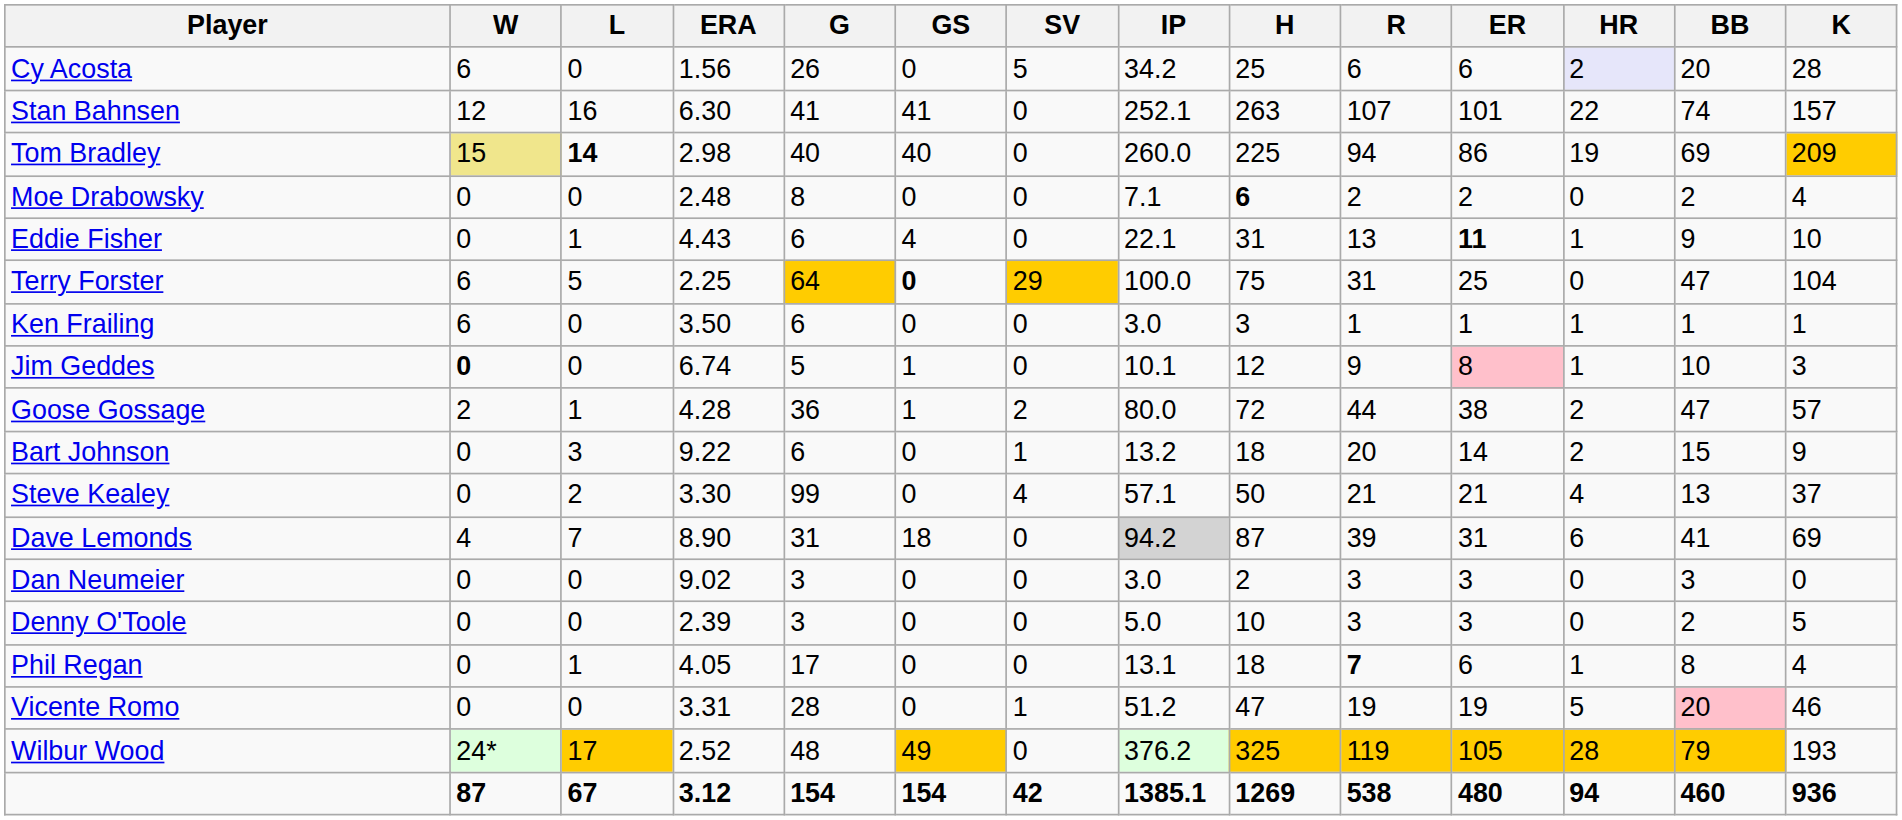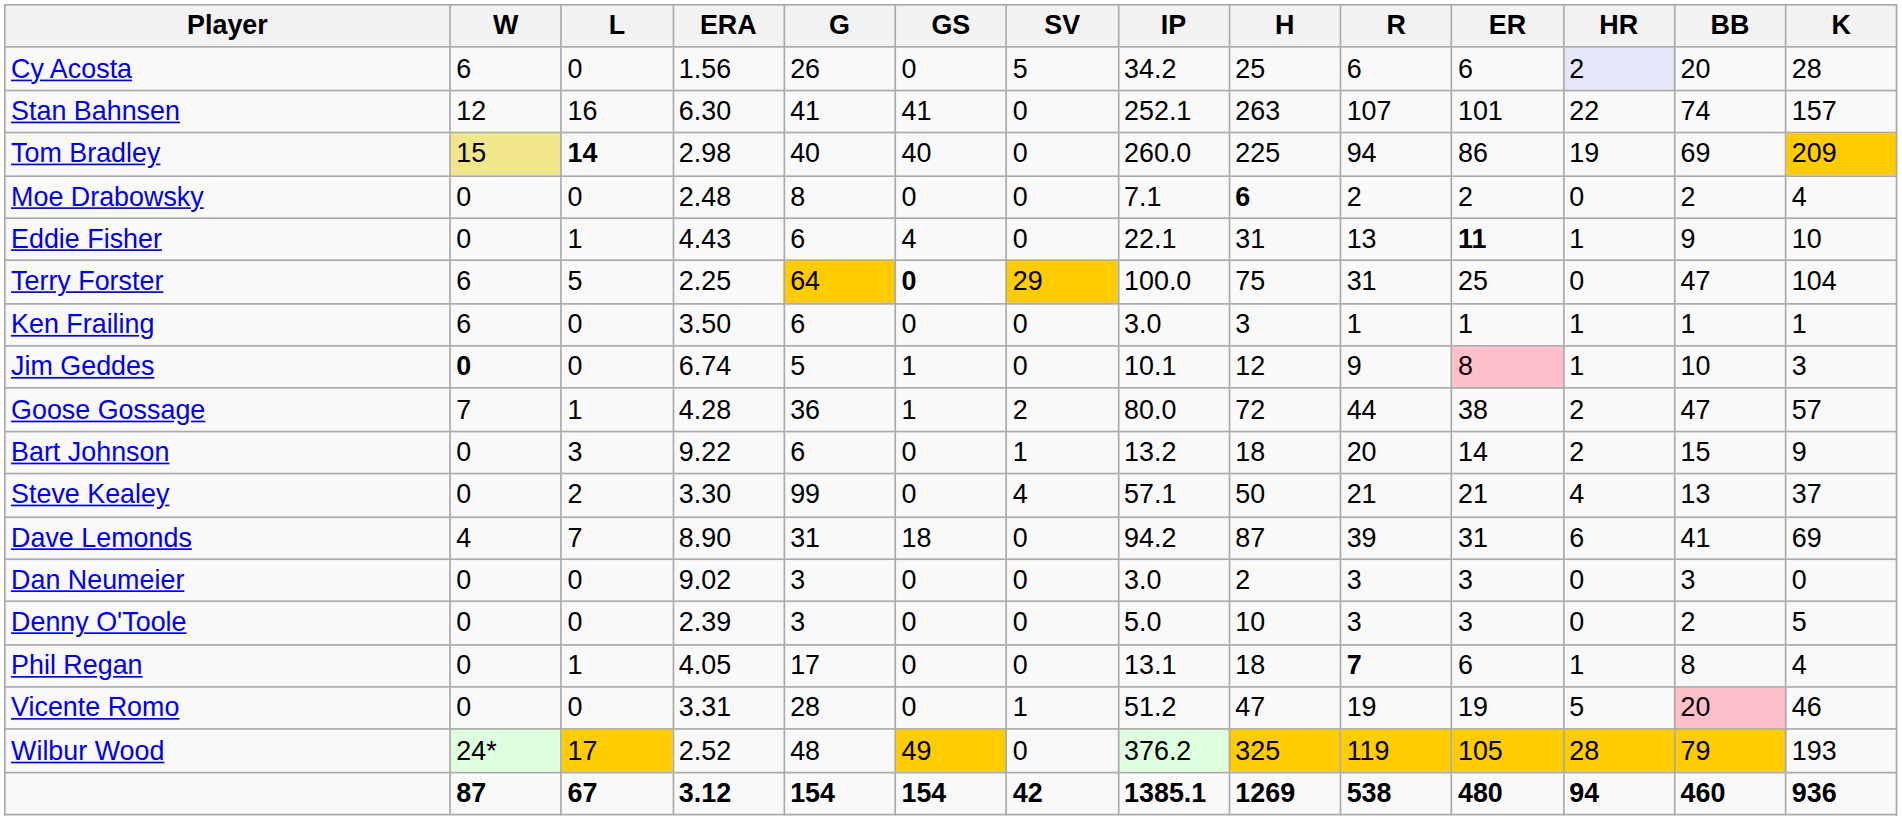 <table class="wikitable sortable">
 <tr>
 <th width="20%">Player</th>
 <th width="5%">W</th>
 <th width="5%">L</th>
 <th width="5%">ERA</th>
 <th width="5%">G</th>
 <th width="5%">GS</th>
 <th width="5%">SV</th>
 <th width="5%">IP</th>
 <th width="5%">H</th>
 <th width="5%">R</th>
 <th width="5%">ER</th>
 <th width="5%">HR</th>
 <th width="5%">BB</th>
 <th width="5%">K</th>
 </tr>
 <tr>
 <td><a href='#'>Cy Acosta</a></td>
 <td>6</td>
 <td>0</td>
 <td>1.56</td>
 <td>26</td>
 <td>0</td>
 <td>5</td>
 <td>34.2</td>
 <td>25</td>
 <td>6</td>
 <td>6</td>
 <td style="background: lavender;">2</td>
 <td>20</td>
 <td>28</td>
 </tr>
 <tr>
 <td><a href='#'>Stan Bahnsen</a></td>
 <td>12</td>
 <td>16</td>
 <td>6.30</td>
 <td>41</td>
 <td>41</td>
 <td>0</td>
 <td>252.1</td>
 <td>263</td>
 <td>107</td>
 <td>101</td>
 <td>22</td>
 <td>74</td>
 <td>157</td>
 </tr>
 <tr>
 <td><a href='#'>Tom Bradley</a></td>
 <td style="background: khaki;">15</td>
 <td><strong>14</strong></td>
 <td>2.98</td>
 <td>40</td>
 <td>40</td>
 <td>0</td>
 <td>260.0</td>
 <td>225</td>
 <td>94</td>
 <td>86</td>
 <td>19</td>
 <td>69</td>
 <td style="background:#fc0;">209</td>
 </tr>
 <tr>
 <td><a href='#'>Moe Drabowsky</a></td>
 <td>0</td>
 <td>0</td>
 <td>2.48</td>
 <td>8</td>
 <td>0</td>
 <td>0</td>
 <td>7.1</td>
 <td><strong>6</strong></td>
 <td>2</td>
 <td>2</td>
 <td>0</td>
 <td>2</td>
 <td>4</td>
 </tr>
 <tr>
 <td><a href='#'>Eddie Fisher</a></td>
 <td>0</td>
 <td>1</td>
 <td>4.43</td>
 <td>6</td>
 <td>4</td>
 <td>0</td>
 <td>22.1</td>
 <td>31</td>
 <td>13</td>
 <td><strong>11</strong></td>
 <td>1</td>
 <td>9</td>
 <td>10</td>
 </tr>
 <tr>
 <td><a href='#'>Terry Forster</a></td>
 <td>6</td>
 <td>5</td>
 <td>2.25</td>
 <td style="background:#fc0;">64</td>
 <td><strong>0</strong></td>
 <td style="background:#fc0;">29</td>
 <td>100.0</td>
 <td>75</td>
 <td>31</td>
 <td>25</td>
 <td>0</td>
 <td>47</td>
 <td>104</td>
 </tr>
 <tr>
 <td><a href='#'>Ken Frailing</a></td>
 <td>6</td>
 <td>0</td>
 <td>3.50</td>
 <td>6</td>
 <td>0</td>
 <td>0</td>
 <td>3.0</td>
 <td>3</td>
 <td>1</td>
 <td>1</td>
 <td>1</td>
 <td>1</td>
 <td>1</td>
 </tr>
 <tr>
 <td><a href='#'>Jim Geddes</a></td>
 <td><strong>0</strong></td>
 <td>0</td>
 <td>6.74</td>
 <td>5</td>
 <td>1</td>
 <td>0</td>
 <td>10.1</td>
 <td>12</td>
 <td>9</td>
 <td style="background: pink;">8</td>
 <td>1</td>
 <td>10</td>
 <td>3</td>
 </tr>
 <tr>
 <td><a href='#'>Goose Gossage</a></td>
-<td>2</td>
+<td>7</td>
 <td>1</td>
 <td>4.28</td>
 <td>36</td>
 <td>1</td>
 <td>2</td>
 <td>80.0</td>
 <td>72</td>
 <td>44</td>
 <td>38</td>
 <td>2</td>
 <td>47</td>
 <td>57</td>
 </tr>
 <tr>
 <td><a href='#'>Bart Johnson</a></td>
 <td>0</td>
 <td>3</td>
 <td>9.22</td>
 <td>6</td>
 <td>0</td>
 <td>1</td>
 <td>13.2</td>
 <td>18</td>
 <td>20</td>
 <td>14</td>
 <td>2</td>
 <td>15</td>
 <td>9</td>
 </tr>
 <tr>
 <td><a href='#'>Steve Kealey</a></td>
 <td>0</td>
 <td>2</td>
 <td>3.30</td>
 <td>99</td>
 <td>0</td>
 <td>4</td>
 <td>57.1</td>
 <td>50</td>
 <td>21</td>
 <td>21</td>
 <td>4</td>
 <td>13</td>
 <td>37</td>
 </tr>
 <tr>
 <td><a href='#'>Dave Lemonds</a></td>
 <td>4</td>
 <td>7</td>
 <td>8.90</td>
 <td>31</td>
 <td>18</td>
 <td>0</td>
-<td style="background: lightgrey;">94.2</td>
+<td>94.2</td>
 <td>87</td>
 <td>39</td>
 <td>31</td>
 <td>6</td>
 <td>41</td>
 <td>69</td>
 </tr>
 <tr>
 <td><a href='#'>Dan Neumeier</a></td>
 <td>0</td>
 <td>0</td>
 <td>9.02</td>
 <td>3</td>
 <td>0</td>
 <td>0</td>
 <td>3.0</td>
 <td>2</td>
 <td>3</td>
 <td>3</td>
 <td>0</td>
 <td>3</td>
 <td>0</td>
 </tr>
 <tr>
 <td><a href='#'>Denny O'Toole</a></td>
 <td>0</td>
 <td>0</td>
 <td>2.39</td>
 <td>3</td>
 <td>0</td>
 <td>0</td>
 <td>5.0</td>
 <td>10</td>
 <td>3</td>
 <td>3</td>
 <td>0</td>
 <td>2</td>
 <td>5</td>
 </tr>
 <tr>
 <td><a href='#'>Phil Regan</a></td>
 <td>0</td>
 <td>1</td>
 <td>4.05</td>
 <td>17</td>
 <td>0</td>
 <td>0</td>
 <td>13.1</td>
 <td>18</td>
 <td><strong>7</strong></td>
 <td>6</td>
 <td>1</td>
 <td>8</td>
 <td>4</td>
 </tr>
 <tr>
 <td><a href='#'>Vicente Romo</a></td>
 <td>0</td>
 <td>0</td>
 <td>3.31</td>
 <td>28</td>
 <td>0</td>
 <td>1</td>
 <td>51.2</td>
 <td>47</td>
 <td>19</td>
 <td>19</td>
 <td>5</td>
 <td style="background: pink;">20</td>
 <td>46</td>
 </tr>
 <tr>
 <td><a href='#'>Wilbur Wood</a></td>
 <td style="background:#DDFFDD;">24*</td>
 <td style="background:#fc0;">17</td>
 <td>2.52</td>
 <td>48</td>
 <td style="background:#fc0;">49</td>
 <td>0</td>
 <td style="background:#DDFFDD;">376.2</td>
 <td style="background:#fc0;">325</td>
 <td style="background:#fc0;">119</td>
 <td style="background:#fc0;">105</td>
 <td style="background:#fc0;">28</td>
 <td style="background:#fc0;">79</td>
 <td>193</td>
 </tr>
 <tr class="sortbottom">
 <td></td>
 <td><strong>87</strong></td>
 <td><strong>67</strong></td>
 <td><strong>3.12</strong></td>
 <td><strong>154</strong></td>
 <td><strong>154</strong></td>
 <td><strong>42</strong></td>
 <td><strong>1385.1</strong></td>
 <td><strong>1269</strong></td>
 <td><strong>538</strong></td>
 <td><strong>480</strong></td>
 <td><strong>94</strong></td>
 <td><strong>460</strong></td>
 <td><strong>936</strong></td>
 </tr>
 </table>
